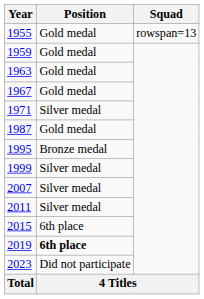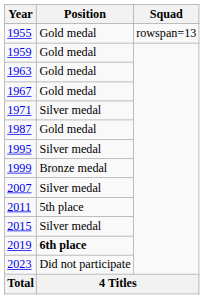 <table class="wikitable" style="text-align: center;">
 <tr>
 <th>Year</th>
 <th>Position</th>
 <th>Squad</th>
 </tr>
 <tr style="text-align:left;">
 <td><a href='#'>1955</a></td>
 <td> Gold medal</td>
 <td>rowspan=13</td>
 </tr>
 <tr style="text-align:left;">
 <td><a href='#'>1959</a></td>
 <td> Gold medal</td>
 </tr>
 <tr style="text-align:left;">
 <td><a href='#'>1963</a></td>
 <td> Gold medal</td>
 </tr>
 <tr style="text-align:left;">
 <td><a href='#'>1967</a></td>
 <td> Gold medal</td>
 </tr>
 <tr style="text-align:left;">
 <td><a href='#'>1971</a></td>
 <td> Silver medal</td>
 </tr>
 <tr style="text-align:left;">
 <td><a href='#'>1987</a></td>
 <td> Gold medal</td>
 </tr>
 <tr style="text-align:left;">
 <td><a href='#'>1995</a></td>
-<td> Bronze medal</td>
+<td> Silver medal</td>
 </tr>
 <tr style="text-align:left;">
 <td><a href='#'>1999</a></td>
-<td> Silver medal</td>
+<td> Bronze medal</td>
 </tr>
 <tr style="text-align:left;">
 <td><a href='#'>2007</a></td>
 <td> Silver medal</td>
 </tr>
 <tr style="text-align:left;">
 <td><a href='#'>2011</a></td>
-<td> Silver medal</td>
+<td>5th place</td>
 </tr>
 <tr style="text-align:left;">
 <td><a href='#'>2015</a></td>
-<td>6th place</td>
+<td> Silver medal</td>
 </tr>
 <tr style="text-align:left;">
 <td><a href='#'>2019</a></td>
 <td><strong>6th place</strong></td>
 </tr>
 <tr style="text-align:left;">
 <td><a href='#'>2023</a></td>
 <td>Did not participate</td>
 </tr>
 <tr>
 <th>Total</th>
 <th colspan="2">4 Titles</th>
 </tr>
 </table>
